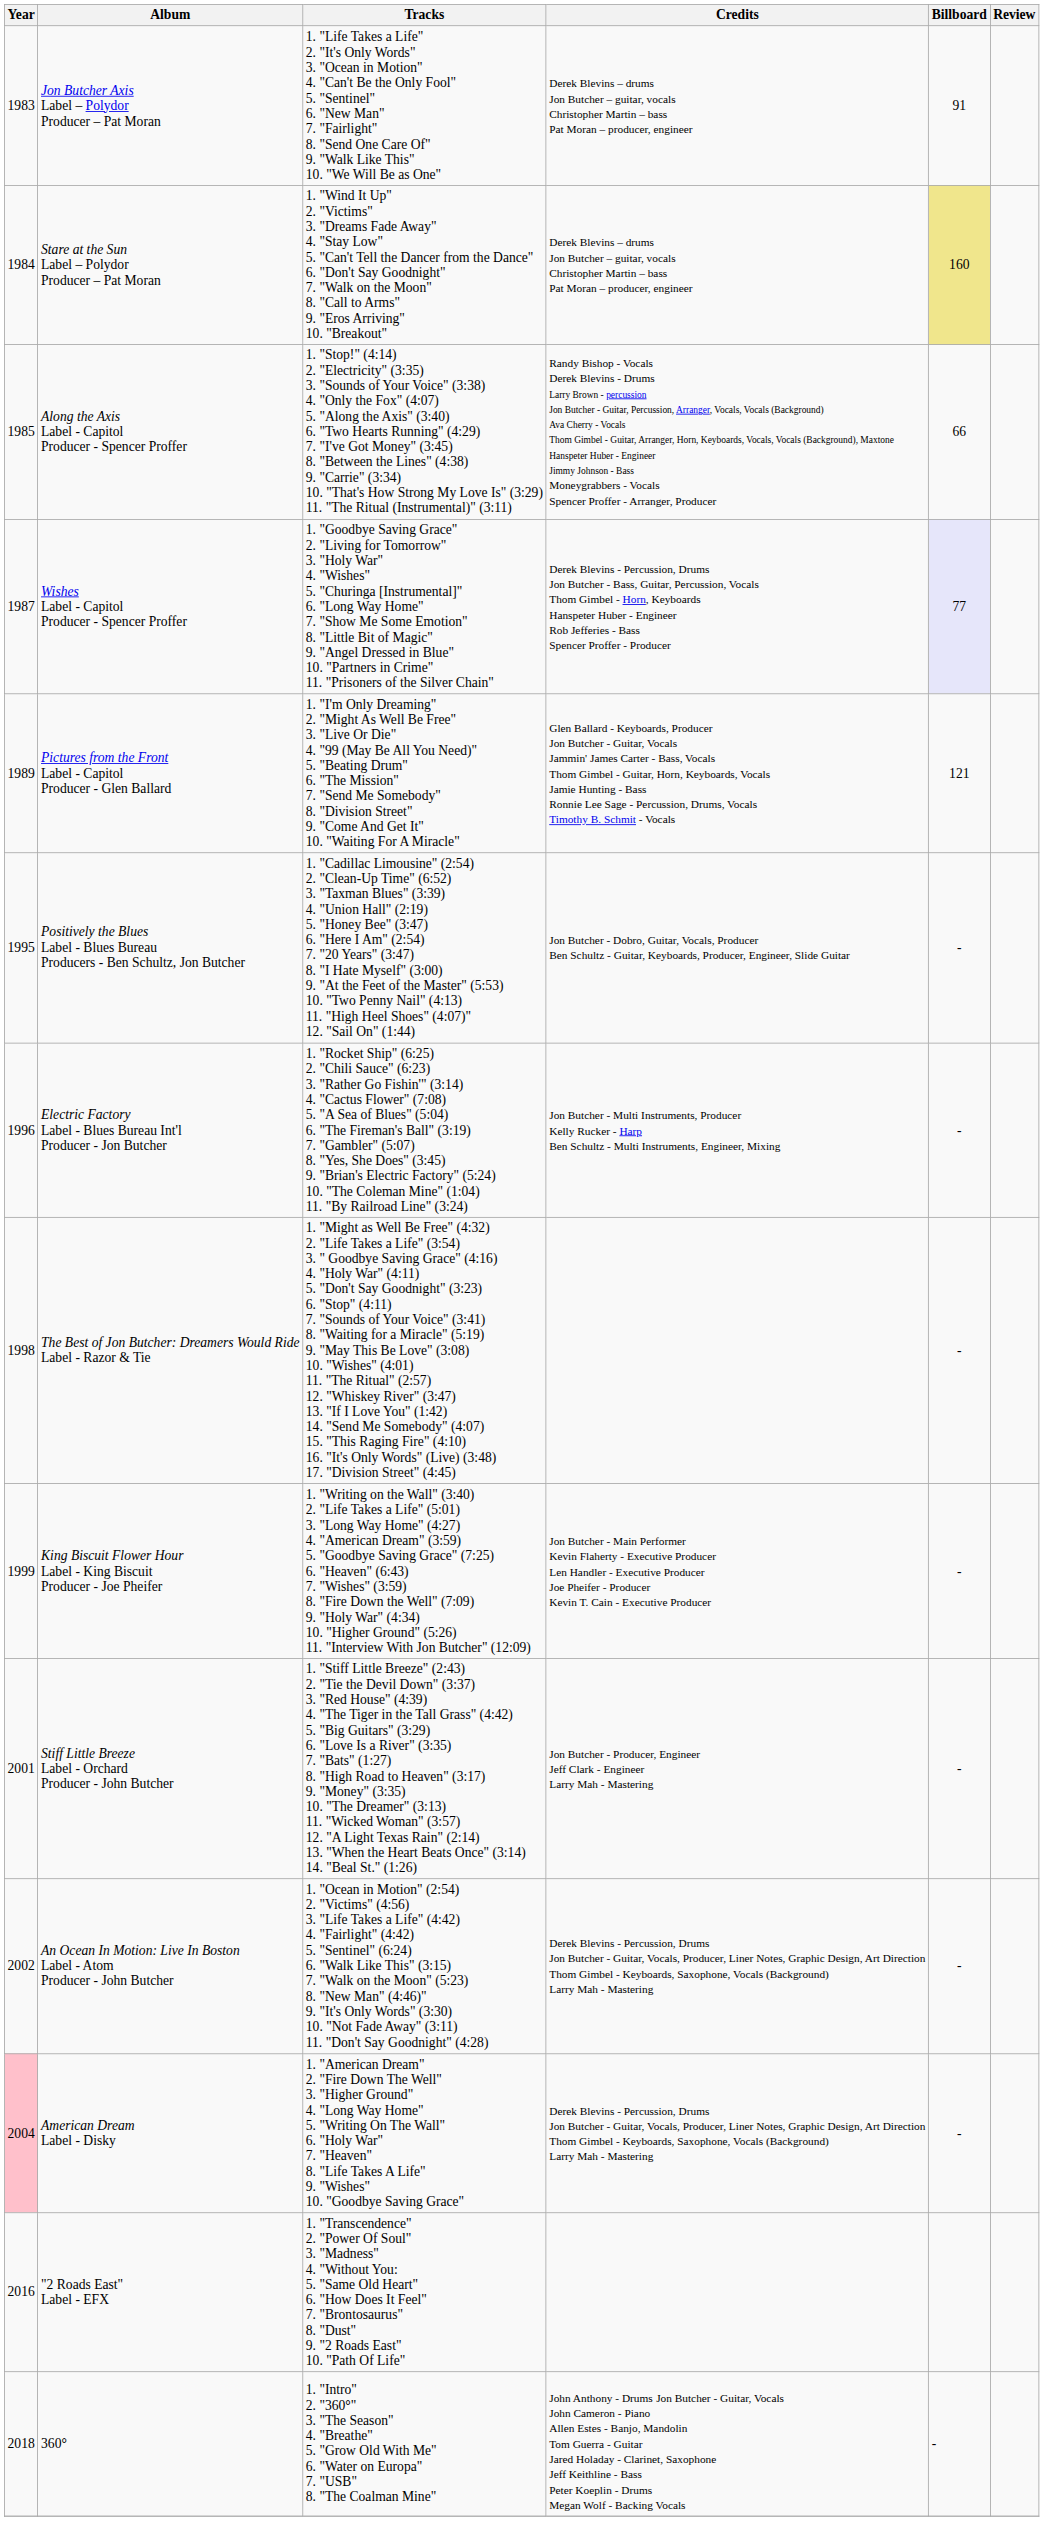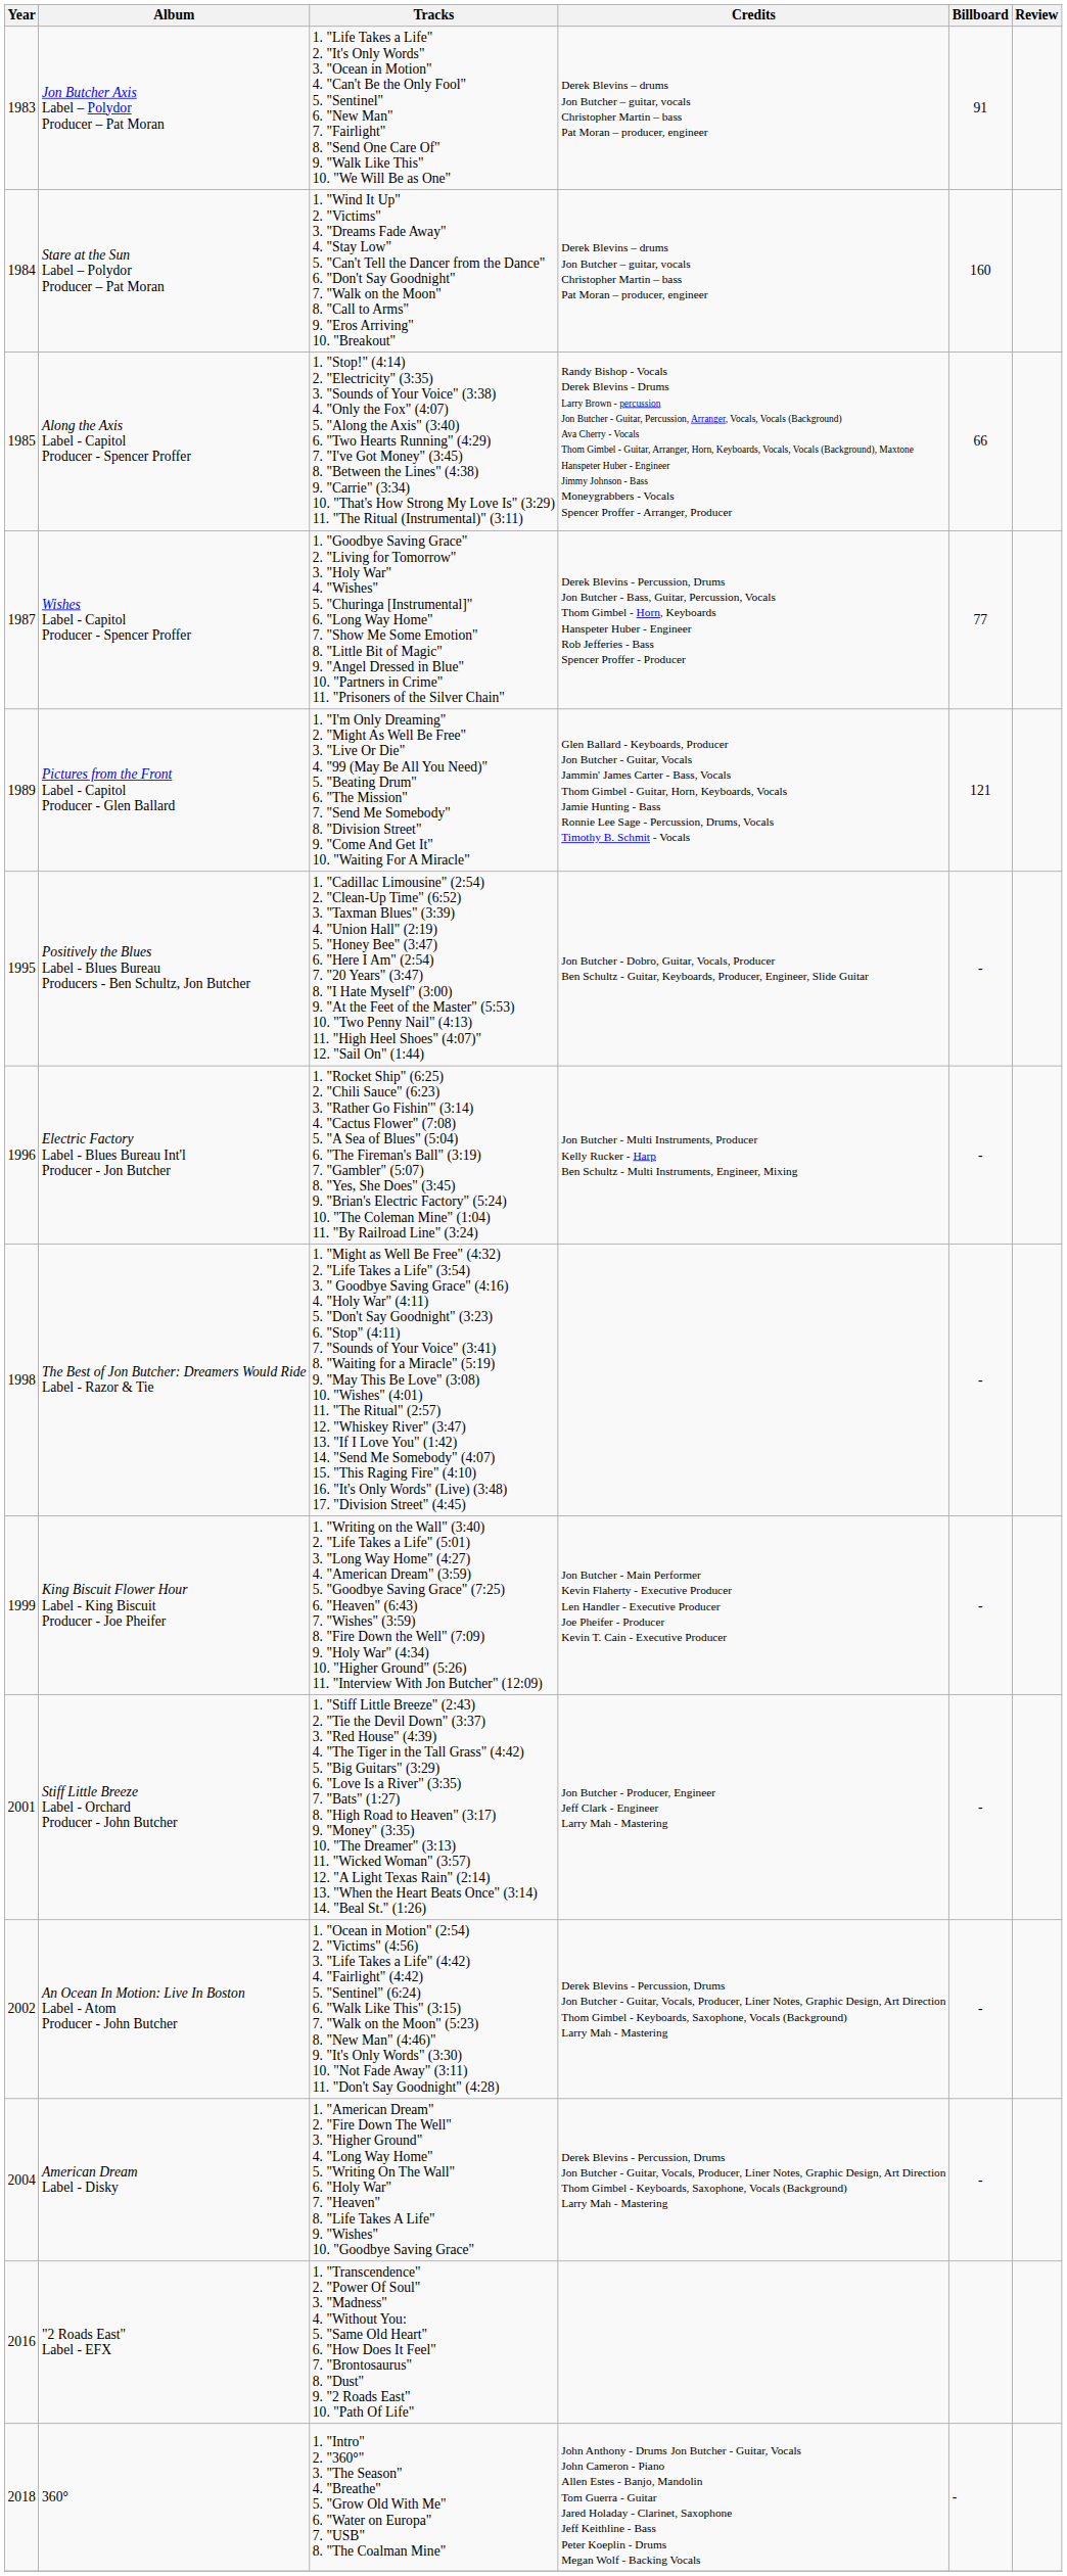 <table class="wikitable">
 <tr>
 <th>Year</th>
 <th>Album</th>
 <th>Tracks</th>
 <th>Credits</th>
 <th>Billboard</th>
 <th>Review</th>
 </tr>
 <tr>
 <td>1983</td>
 <td><em><a href='#'>Jon Butcher Axis</a></em> <br> Label – <a href='#'>Polydor</a> <br> Producer – Pat Moran</td>
 <td>1. "Life Takes a Life" <br>2. "It's Only Words"<br>3. "Ocean in Motion" <br> 4. "Can't Be the Only Fool" <br> 5. "Sentinel" <br> 6. "New Man" <br> 7. "Fairlight" <br> 8. "Send One Care Of" <br> 9. "Walk Like This" <br> 10. "We Will Be as One"</td>
 <td><small>Derek Blevins – drums</small> <br> <small>Jon Butcher – guitar, vocals</small> <br> <small>Christopher Martin – bass</small> <br> <small>Pat Moran – producer, engineer</small></td>
 <td align="center">91</td>
 <td></td>
 </tr>
 <tr>
 <td>1984</td>
 <td><em>Stare at the Sun</em> <br> Label – Polydor <br> Producer – Pat Moran</td>
 <td>1. "Wind It Up"<br>2. "Victims" <br> 3. "Dreams Fade Away" <br> 4. "Stay Low" <br> 5. "Can't Tell the Dancer from the Dance" <br> 6. "Don't Say Goodnight" <br> 7. "Walk on the Moon"<br>8. "Call to Arms" <br>9. "Eros Arriving" <br>10. "Breakout"</td>
 <td><small>Derek Blevins – drums</small> <br> <small>Jon Butcher – guitar, vocals</small> <br> <small>Christopher Martin – bass</small> <br> <small>Pat Moran – producer, engineer</small></td>
-<td align="center" style="background: khaki;">160</td>
+<td align="center">160</td>
 <td></td>
 </tr>
 <tr>
 <td>1985</td>
 <td><em>Along the Axis</em> <br> Label - Capitol <br> Producer - Spencer Proffer</td>
 <td>1. "Stop!" (4:14)<br>2. "Electricity" (3:35)<br>3. "Sounds of Your Voice" (3:38)<br>4. "Only the Fox" (4:07)<br>5. "Along the Axis" (3:40)<br>6. "Two Hearts Running" (4:29)<br>7. "I've Got Money" (3:45)<br>8. "Between the Lines" (4:38)<br>9. "Carrie" (3:34)<br>10. "That's How Strong My Love Is" (3:29)<br>11. "The Ritual (Instrumental)" (3:11)</td>
 <td><small>Randy Bishop - Vocals</small> <br> <small>Derek Blevins - Drums <br> <small>Larry Brown - <a href='#'>percussion</a></small> <br> <small>Jon Butcher - Guitar, Percussion, <a href='#'>Arranger</a>, Vocals, Vocals (Background)</small> <br> <small>Ava Cherry - Vocals</small> <br> <small>Thom Gimbel - Guitar, Arranger, Horn, Keyboards, Vocals, Vocals (Background), Maxtone</small> <br> <small>Hanspeter Huber - Engineer</small> <br> <small>Jimmy Johnson - Bass</small> <br> Moneygrabbers - Vocals</small> <br> <small>Spencer Proffer - Arranger, Producer</small></td>
 <td align="center">66</td>
 <td></td>
 </tr>
 <tr>
 <td>1987</td>
 <td><em><a href='#'>Wishes</a></em> <br> Label - Capitol <br> Producer - Spencer Proffer</td>
 <td>1. "Goodbye Saving Grace" <br>2. "Living for Tomorrow" <br>3. "Holy War" <br>4. "Wishes" <br>5. "Churinga [Instrumental]" <br>6. "Long Way Home" <br>7. "Show Me Some Emotion" <br>8. "Little Bit of Magic" <br>9. "Angel Dressed in Blue" <br>10. "Partners in Crime" <br>11. "Prisoners of the Silver Chain"</td>
 <td><small>Derek Blevins - Percussion, Drums</small> <br> <small>Jon Butcher - Bass, Guitar, Percussion, Vocals</small> <br> <small>Thom Gimbel - <a href='#'>Horn</a>, Keyboards</small> <br> <small>Hanspeter Huber - Engineer</small> <br> <small>Rob Jefferies - Bass <br> Spencer Proffer - Producer</small></td>
-<td align="center" style="background: lavender;">77</td>
+<td align="center">77</td>
 <td></td>
 </tr>
 <tr>
 <td>1989</td>
 <td><em><a href='#'>Pictures from the Front</a></em> <br> Label - Capitol <br> Producer - Glen Ballard</td>
 <td>1. "I'm Only Dreaming" <br>2. "Might As Well Be Free"<br>3. "Live Or Die"<br>4. "99 (May Be All You Need)"<br>5. "Beating Drum"<br>6. "The Mission"<br>7. "Send Me Somebody"<br>8. "Division Street"<br>9. "Come And Get It"<br>10. "Waiting For A Miracle"</td>
 <td><small>Glen Ballard - Keyboards, Producer</small> <br> <small>Jon Butcher - Guitar, Vocals</small> <br> <small>Jammin' James Carter - Bass, Vocals</small> <br> <small>Thom Gimbel - Guitar, Horn, Keyboards, Vocals</small> <br> <small>Jamie Hunting - Bass</small> <br> <small>Ronnie Lee Sage - Percussion, Drums, Vocals</small> <br> <small><a href='#'>Timothy B. Schmit</a> - Vocals</small></td>
 <td align="center">121</td>
 <td></td>
 </tr>
 <tr>
 <td>1995</td>
 <td><em>Positively the Blues</em> <br> Label - Blues Bureau <br> Producers - Ben Schultz, Jon Butcher</td>
 <td>1. "Cadillac Limousine" (2:54)<br>2. "Clean-Up Time" (6:52)<br>3. "Taxman Blues" (3:39)<br>4. "Union Hall" (2:19)<br>5. "Honey Bee" (3:47)<br>6. "Here I Am" (2:54)<br>7. "20 Years" (3:47)<br>8. "I Hate Myself" (3:00)<br>9. "At the Feet of the Master" (5:53)<br>10. "Two Penny Nail" (4:13)<br>11. "High Heel Shoes" (4:07)"<br> 12. "Sail On" (1:44)</td>
 <td><small>Jon Butcher - Dobro, Guitar, Vocals, Producer</small> <br> <small>Ben Schultz - Guitar, Keyboards, Producer, Engineer, Slide Guitar</small></td>
 <td align="center">-</td>
 <td></td>
 </tr>
 <tr>
 <td>1996</td>
 <td><em>Electric Factory</em> <br> Label - Blues Bureau Int'l <br> Producer - Jon Butcher</td>
 <td>1. "Rocket Ship" (6:25)<br>2. "Chili Sauce" (6:23)<br>3. "Rather Go Fishin'" (3:14)<br>4. "Cactus Flower" (7:08)<br>5. "A Sea of Blues" (5:04)<br>6. "The Fireman's Ball" (3:19)<br>7. "Gambler" (5:07)<br>8. "Yes, She Does" (3:45)<br>9. "Brian's Electric Factory" (5:24)<br>10. "The Coleman Mine" (1:04)<br>11. "By Railroad Line" (3:24)</td>
 <td><small>Jon Butcher - Multi Instruments, Producer</small> <br> <small>Kelly Rucker - <a href='#'>Harp</a></small> <br> <small>Ben Schultz - Multi Instruments, Engineer, Mixing</small></td>
 <td align="center">-</td>
 <td></td>
 </tr>
 <tr>
 <td>1998</td>
 <td><em>The Best of Jon Butcher: Dreamers Would Ride</em> <br> Label - Razor & Tie</td>
 <td>1. "Might as Well Be Free" (4:32)<br>2. "Life Takes a Life" (3:54)<br>3. " Goodbye Saving Grace" (4:16)<br>4. "Holy War" (4:11)<br>5. "Don't Say Goodnight" (3:23)<br>6. "Stop" (4:11)<br>7. "Sounds of Your Voice" (3:41)<br>8. "Waiting for a Miracle" (5:19)<br>9. "May This Be Love" (3:08)<br>10. "Wishes" (4:01)<br>11. "The Ritual" (2:57)<br>12. "Whiskey River" (3:47)<br>13. "If I Love You" (1:42)<br>14. "Send Me Somebody" (4:07)<br>15. "This Raging Fire" (4:10)<br>16. "It's Only Words" (Live) (3:48)<br>17. "Division Street" (4:45)</td>
 <td></td>
 <td align="center">-</td>
 <td></td>
 </tr>
 <tr>
 <td>1999</td>
 <td><em>King Biscuit Flower Hour</em> <br> Label - King Biscuit <br> Producer - Joe Pheifer</td>
 <td>1. "Writing on the Wall" (3:40)<br>2. "Life Takes a Life" (5:01)<br>3. "Long Way Home" (4:27)<br>4. "American Dream" (3:59)<br>5. "Goodbye Saving Grace" (7:25)<br>6. "Heaven" (6:43)<br>7. "Wishes" (3:59)<br>8. "Fire Down the Well" (7:09)<br>9. "Holy War" (4:34)<br>10. "Higher Ground" (5:26)<br>11. "Interview With Jon Butcher" (12:09)</td>
 <td><small>Jon Butcher - Main Performer</small> <br> <small>Kevin Flaherty - Executive Producer</small> <br> <small>Len Handler - Executive Producer</small> <br> <small>Joe Pheifer - Producer</small> <br> <small>Kevin T. Cain - Executive Producer</small></td>
 <td align="center">-</td>
 <td></td>
 </tr>
 <tr>
 <td>2001</td>
 <td><em>Stiff Little Breeze</em> <br> Label - Orchard <br> Producer - John Butcher</td>
 <td>1. "Stiff Little Breeze" (2:43)<br>2. "Tie the Devil Down" (3:37)<br>3. "Red House" (4:39)<br>4. "The Tiger in the Tall Grass" (4:42)<br>5. "Big Guitars" (3:29)<br>6. "Love Is a River" (3:35)<br>7. "Bats" (1:27)<br>8. "High Road to Heaven" (3:17)<br>9. "Money" (3:35)<br>10. "The Dreamer" (3:13)<br>11. "Wicked Woman" (3:57)<br>12. "A Light Texas Rain" (2:14)<br>13. "When the Heart Beats Once" (3:14)<br>14. "Beal St." (1:26)</td>
 <td><small>Jon Butcher - Producer, Engineer</small> <br> <small>Jeff Clark - Engineer</small> <br> <small>Larry Mah - Mastering</small></td>
 <td align="center">-</td>
 <td></td>
 </tr>
 <tr>
 <td>2002</td>
 <td><em>An Ocean In Motion: Live In Boston</em> <br> Label - Atom <br> Producer - John Butcher</td>
 <td>1. "Ocean in Motion" (2:54)<br>2. "Victims" (4:56)<br>3. "Life Takes a Life" (4:42)<br>4. "Fairlight" (4:42)<br>5. "Sentinel" (6:24)<br>6. "Walk Like This" (3:15)<br>7. "Walk on the Moon" (5:23)<br>8. "New Man" (4:46)"<br>9. "It's Only Words" (3:30)<br>10. "Not Fade Away" (3:11)<br>11. "Don't Say Goodnight" (4:28)</td>
 <td><small>Derek Blevins - Percussion, Drums</small> <br> <small>Jon Butcher - Guitar, Vocals, Producer, Liner Notes, Graphic Design, Art Direction</small> <br> <small>Thom Gimbel - Keyboards, Saxophone, Vocals (Background)</small> <br> <small>Larry Mah - Mastering</small></td>
 <td align="center">-</td>
 <td></td>
 </tr>
 <tr>
-<td style="background: pink;">2004</td>
+<td>2004</td>
 <td><em>American Dream</em> <br> Label - Disky</td>
 <td>1. "American Dream"<br>2. "Fire Down The Well"<br>3. "Higher Ground"<br>4. "Long Way Home"<br>5. "Writing On The Wall"<br>6. "Holy War"<br>7. "Heaven"<br>8. "Life Takes A Life"<br>9. "Wishes"<br>10. "Goodbye Saving Grace"</td>
 <td><small>Derek Blevins - Percussion, Drums</small> <br> <small>Jon Butcher - Guitar, Vocals, Producer, Liner Notes, Graphic Design, Art Direction</small> <br> <small>Thom Gimbel - Keyboards, Saxophone, Vocals (Background)</small> <br> <small>Larry Mah - Mastering</small></td>
 <td align="center">-</td>
 <td></td>
 </tr>
 <tr>
 <td>2016</td>
 <td>"2 Roads East" <br> Label - EFX</td>
 <td>1. "Transcendence"<br>2. "Power Of Soul"<br>3. "Madness"<br>4. "Without You:<br>5. "Same Old Heart"<br>6. "How Does It Feel"<br>7. "Brontosaurus"<br>8. "Dust"<br>9. "2 Roads East"<br>10. "Path Of Life"</td>
 <td></td>
 <td></td>
 </tr>
 <tr>
 <td>2018</td>
 <td>360<strong>°</strong></td>
 <td>1. "Intro"<br>2. "360<strong>°</strong>"<br>3. "The Season"<br>4. "Breathe"<br>5. "Grow Old With Me"<br>6. "Water on Europa"<br>7. "USB"<br>8. "The Coalman Mine"</td>
 <td><br> <small>John Anthony - Drums</small> <small>Jon Butcher - Guitar, Vocals</small> <br> <small>John Cameron - Piano</small> <br> <small>Allen Estes - Banjo, Mandolin</small><br><small>Tom Guerra - Guitar</small><br><small>Jared Holaday - Clarinet, Saxophone</small><br><small>Jeff Keithline - Bass</small><br><small>Peter Koeplin - Drums</small><br><small>Megan Wolf - Backing Vocals</small></td>
 <td>-</td>
 <td></td>
 </tr>
 <tr>
 </tr>
 </table>
